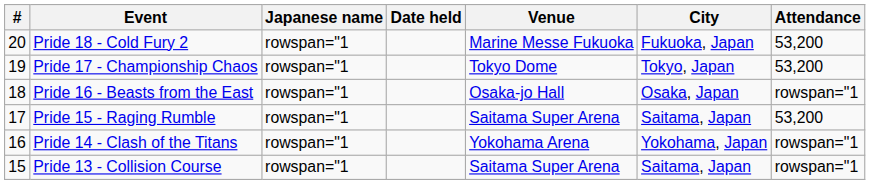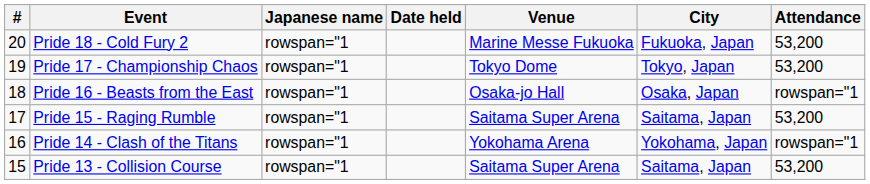 <table class="sortable wikitable succession-box" style="font-size:90%;">
 <tr>
 <th>#</th>
 <th>Event</th>
 <th>Japanese name</th>
 <th>Date held</th>
 <th>Venue</th>
 <th>City</th>
 <th>Attendance</th>
 </tr>
 <tr>
 <td style="text-align:center">20</td>
 <td><a href='#'>Pride 18 - Cold Fury 2</a></td>
 <td>rowspan="1 </td>
 <td></td>
 <td><a href='#'>Marine Messe Fukuoka</a></td>
 <td><a href='#'>Fukuoka</a>, <a href='#'>Japan</a></td>
 <td>53,200</td>
 </tr>
 <tr>
 <td style="text-align:center">19</td>
 <td><a href='#'>Pride 17 - Championship Chaos</a></td>
 <td>rowspan="1 </td>
 <td></td>
 <td><a href='#'>Tokyo Dome</a></td>
 <td><a href='#'>Tokyo</a>, <a href='#'>Japan</a></td>
 <td>53,200</td>
 </tr>
 <tr>
 <td style="text-align:center">18</td>
 <td><a href='#'>Pride 16 - Beasts from the East</a></td>
 <td>rowspan="1 </td>
 <td></td>
 <td><a href='#'>Osaka-jo Hall</a></td>
 <td><a href='#'>Osaka</a>, <a href='#'>Japan</a></td>
 <td>rowspan="1 </td>
 </tr>
 <tr>
 <td style="text-align:center">17</td>
 <td><a href='#'>Pride 15 - Raging Rumble</a></td>
 <td>rowspan="1 </td>
 <td></td>
 <td><a href='#'>Saitama Super Arena</a></td>
 <td><a href='#'>Saitama</a>, <a href='#'>Japan</a></td>
 <td>53,200</td>
 </tr>
 <tr>
 <td style="text-align:center">16</td>
 <td><a href='#'>Pride 14 - Clash of the Titans</a></td>
 <td>rowspan="1 </td>
 <td></td>
 <td><a href='#'>Yokohama Arena</a></td>
 <td><a href='#'>Yokohama</a>, <a href='#'>Japan</a></td>
 <td>rowspan="1 </td>
 </tr>
 <tr>
 <td style="text-align:center">15</td>
 <td><a href='#'>Pride 13 - Collision Course</a></td>
 <td>rowspan="1 </td>
 <td></td>
 <td><a href='#'>Saitama Super Arena</a></td>
 <td><a href='#'>Saitama</a>, <a href='#'>Japan</a></td>
-<td>rowspan="1 </td>
+<td>53,200</td>
 </tr>
 </table>
